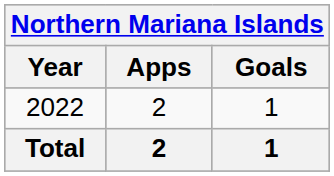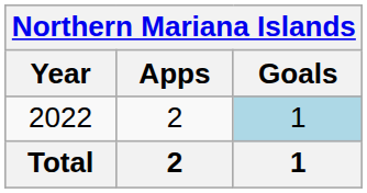 <table class="wikitable" style="text-align:center">
 <tr>
 <th colspan=3><a href='#'>Northern Mariana Islands</a></th>
 </tr>
 <tr>
 <th>Year</th>
 <th>Apps</th>
 <th>Goals</th>
 </tr>
 <tr>
 <td>2022</td>
 <td>2</td>
-<td>1</td>
+<td style="background: lightblue;">1</td>
 </tr>
 <tr>
 <th>Total</th>
 <th>2</th>
 <th>1</th>
 </tr>
 </table>
